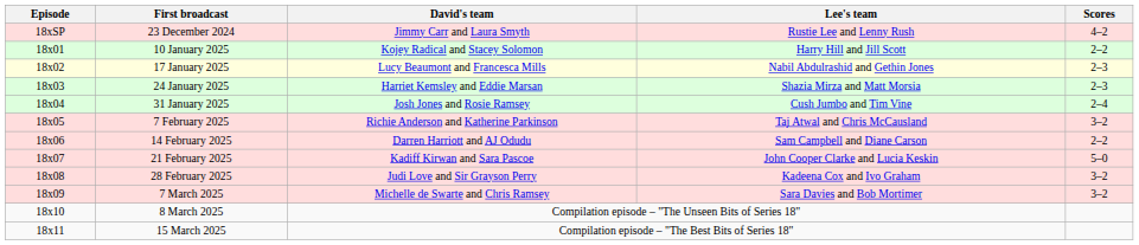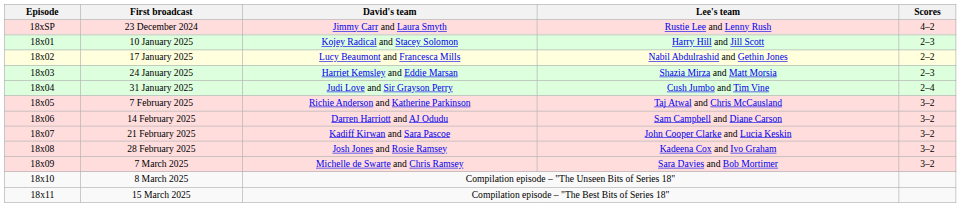 <table class="wikitable"  style="width:80%; left:0 auto; text-align:center;">
 <tr>
 <th style="width:8%;">Episode</th>
 <th style="width:17%;">First broadcast</th>
 <th style="width:31%;">David's team</th>
 <th style="width:38%;">Lee's team</th>
 <th style="width:6%;">Scores</th>
 </tr>
 <tr style="background:#fdd;">
 <td>18xSP</td>
 <td>23 December 2024</td>
 <td><a href='#'>Jimmy Carr</a> and <a href='#'>Laura Smyth</a></td>
 <td><a href='#'>Rustie Lee</a> and <a href='#'>Lenny Rush</a></td>
 <td>4–2</td>
 </tr>
 <tr style="background:#dfd;">
 <td>18x01</td>
 <td>10 January 2025</td>
 <td><a href='#'>Kojey Radical</a> and <a href='#'>Stacey Solomon</a></td>
 <td><a href='#'>Harry Hill</a> and <a href='#'>Jill Scott</a></td>
-<td>2–2</td>
+<td>2–3</td>
 </tr>
 <tr style="background:#ffd;">
 <td>18x02</td>
 <td>17 January 2025</td>
 <td><a href='#'>Lucy Beaumont</a> and <a href='#'>Francesca Mills</a></td>
 <td><a href='#'>Nabil Abdulrashid</a> and <a href='#'>Gethin Jones</a></td>
-<td>2–3</td>
+<td>2–2</td>
 </tr>
 <tr style="background:#dfd;">
 <td>18x03</td>
 <td>24 January 2025</td>
 <td><a href='#'>Harriet Kemsley</a> and <a href='#'>Eddie Marsan</a></td>
 <td><a href='#'>Shazia Mirza</a> and <a href='#'>Matt Morsia</a></td>
 <td>2–3</td>
 </tr>
 <tr style="background:#dfd;">
 <td>18x04</td>
 <td>31 January 2025</td>
-<td><a href='#'>Josh Jones</a> and <a href='#'>Rosie Ramsey</a></td>
+<td><a href='#'>Judi Love</a> and <a href='#'>Sir Grayson Perry</a></td>
 <td><a href='#'>Cush Jumbo</a> and <a href='#'>Tim Vine</a></td>
 <td>2–4</td>
 </tr>
 <tr style="background:#fdd;">
 <td>18x05</td>
 <td>7 February 2025</td>
 <td><a href='#'>Richie Anderson</a> and <a href='#'>Katherine Parkinson</a></td>
 <td><a href='#'>Taj Atwal</a> and <a href='#'>Chris McCausland</a></td>
 <td>3–2</td>
 </tr>
 <tr style="background:#fdd;">
 <td>18x06</td>
 <td>14 February 2025</td>
 <td><a href='#'>Darren Harriott</a> and <a href='#'>AJ Odudu</a></td>
 <td><a href='#'>Sam Campbell</a> and <a href='#'>Diane Carson</a></td>
-<td>2–2</td>
+<td>3–2</td>
 </tr>
 <tr style="background:#fdd;">
 <td>18x07</td>
 <td>21 February 2025</td>
 <td><a href='#'>Kadiff Kirwan</a> and <a href='#'>Sara Pascoe</a></td>
 <td><a href='#'>John Cooper Clarke</a> and <a href='#'>Lucia Keskin</a></td>
-<td>5–0</td>
+<td>3–2</td>
 </tr>
 <tr style="background:#fdd;">
 <td>18x08</td>
 <td>28 February 2025</td>
-<td><a href='#'>Judi Love</a> and <a href='#'>Sir Grayson Perry</a></td>
+<td><a href='#'>Josh Jones</a> and <a href='#'>Rosie Ramsey</a></td>
 <td><a href='#'>Kadeena Cox</a> and <a href='#'>Ivo Graham</a></td>
 <td>3–2</td>
 </tr>
 <tr style="background:#fdd;">
 <td>18x09</td>
 <td>7 March 2025</td>
 <td><a href='#'>Michelle de Swarte</a> and <a href='#'>Chris Ramsey</a></td>
 <td><a href='#'>Sara Davies</a> and <a href='#'>Bob Mortimer</a></td>
 <td>3–2</td>
 </tr>
 <tr>
 <td>18x10</td>
 <td>8 March 2025</td>
 <td colspan="2">Compilation episode – "The Unseen Bits of Series 18"</td>
 <td></td>
 </tr>
 <tr>
 <td>18x11</td>
 <td>15 March 2025</td>
 <td colspan="2">Compilation episode – "The Best Bits of Series 18"</td>
 <td></td>
 </tr>
 </table>
